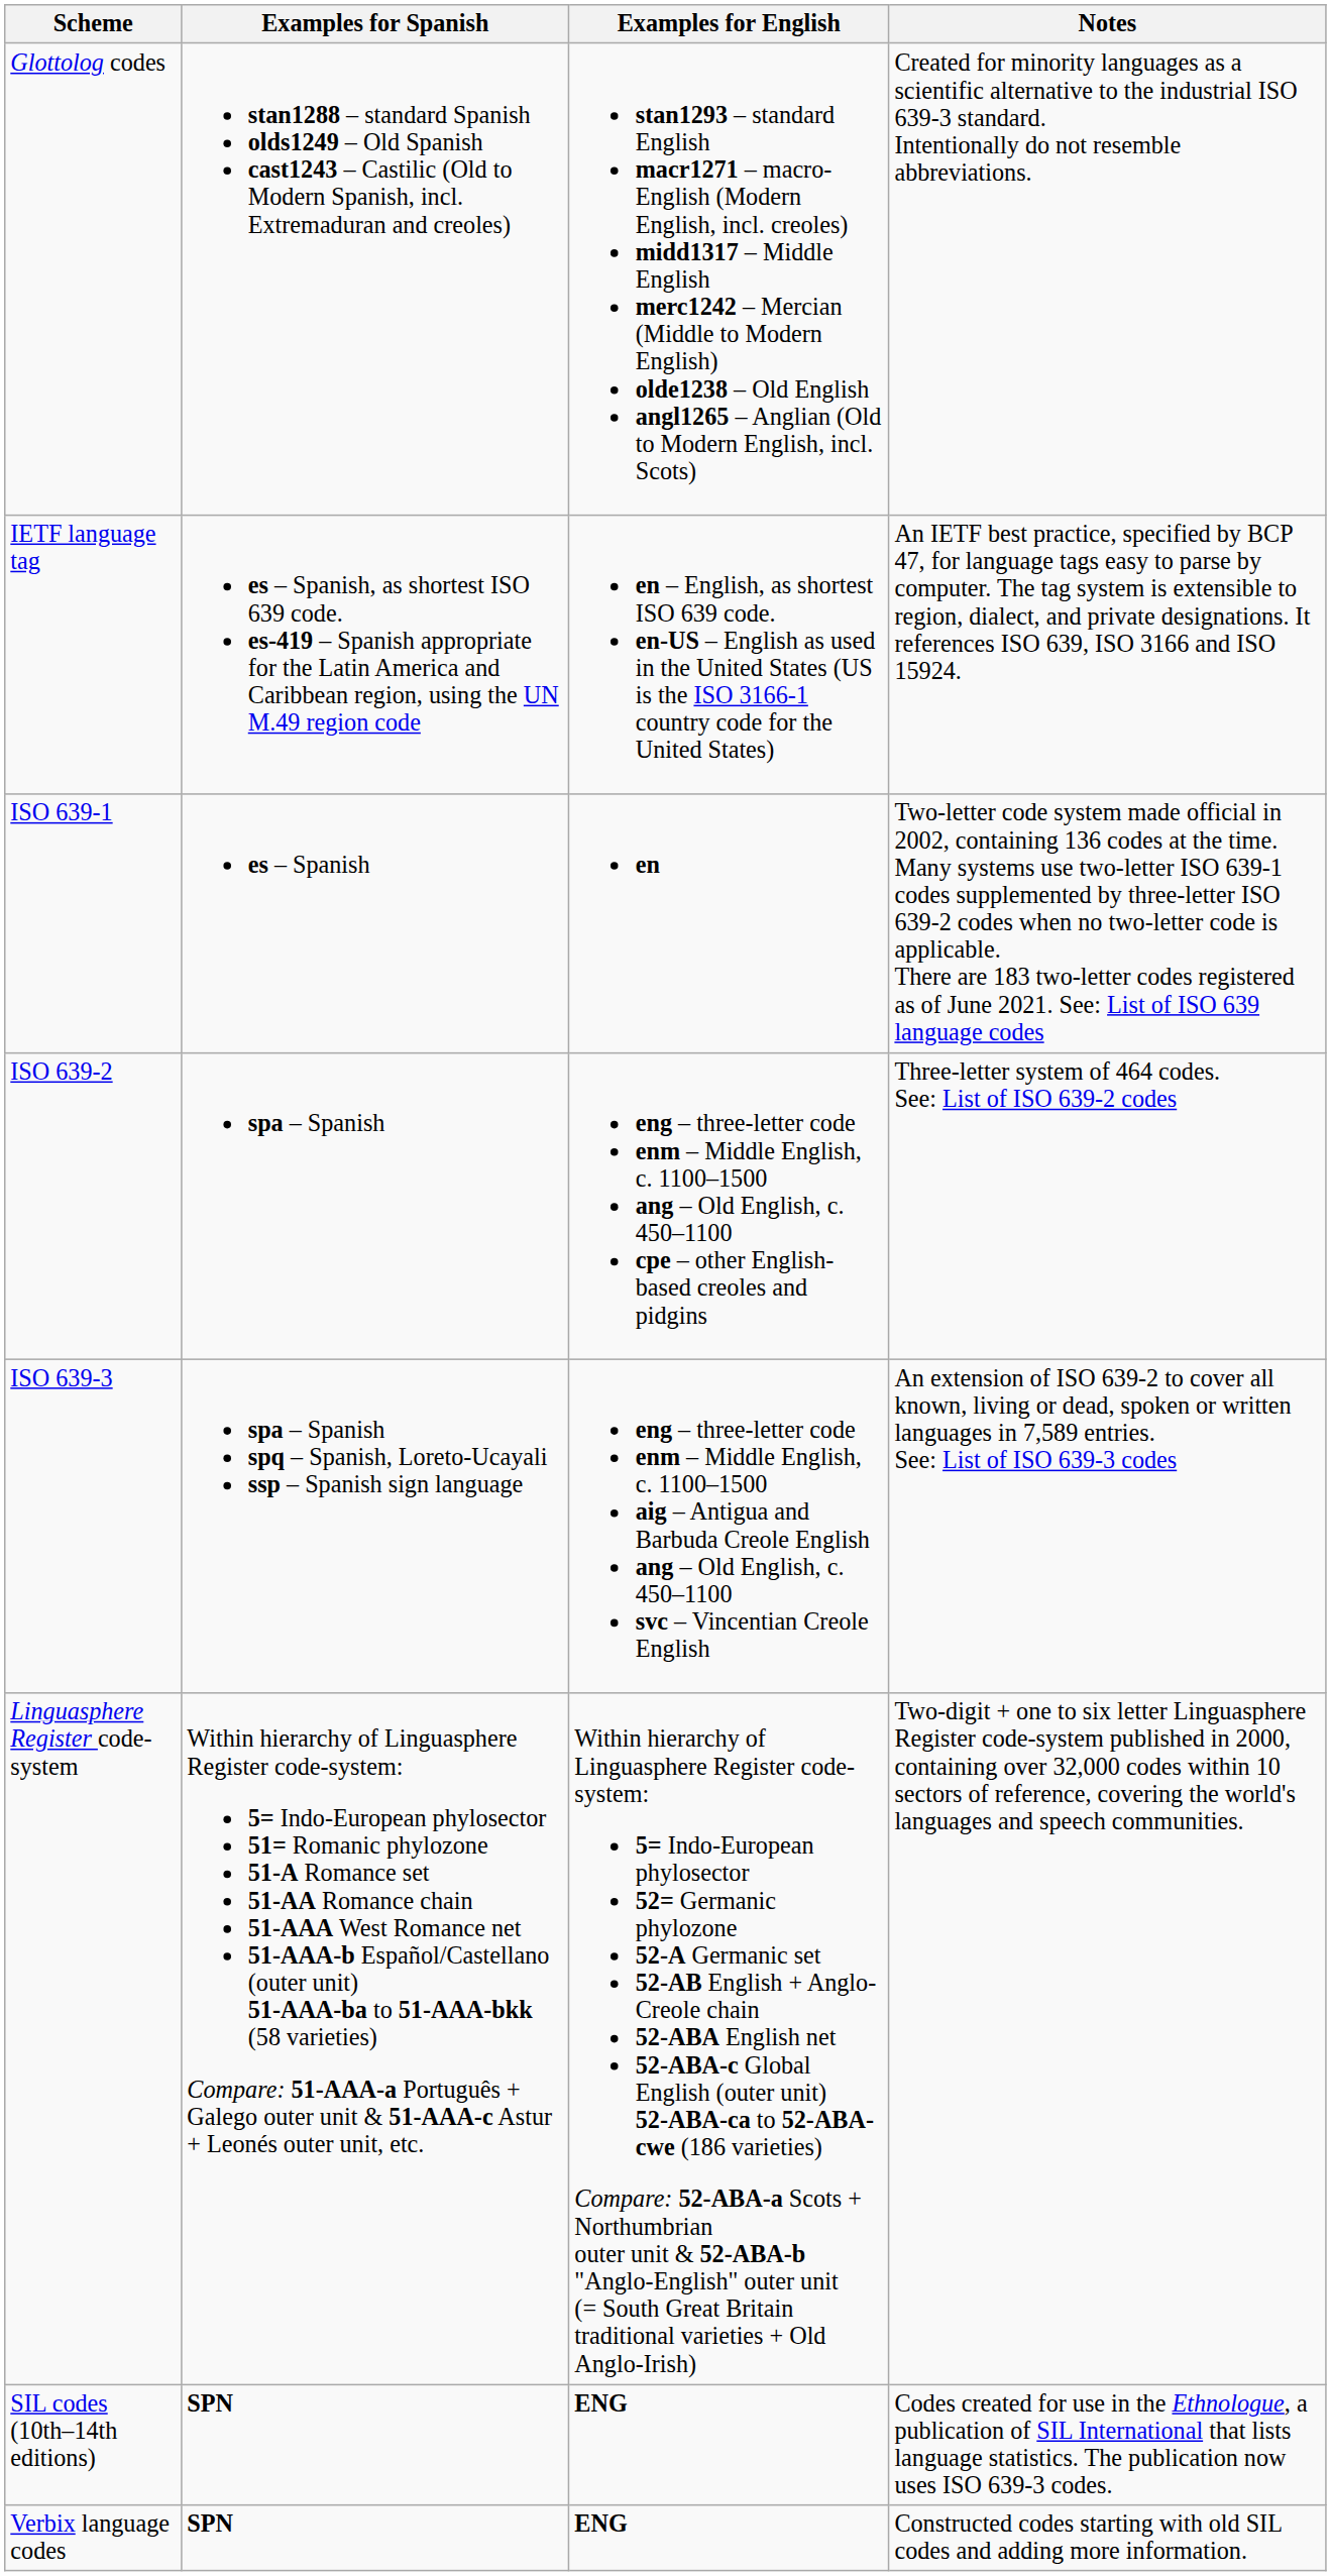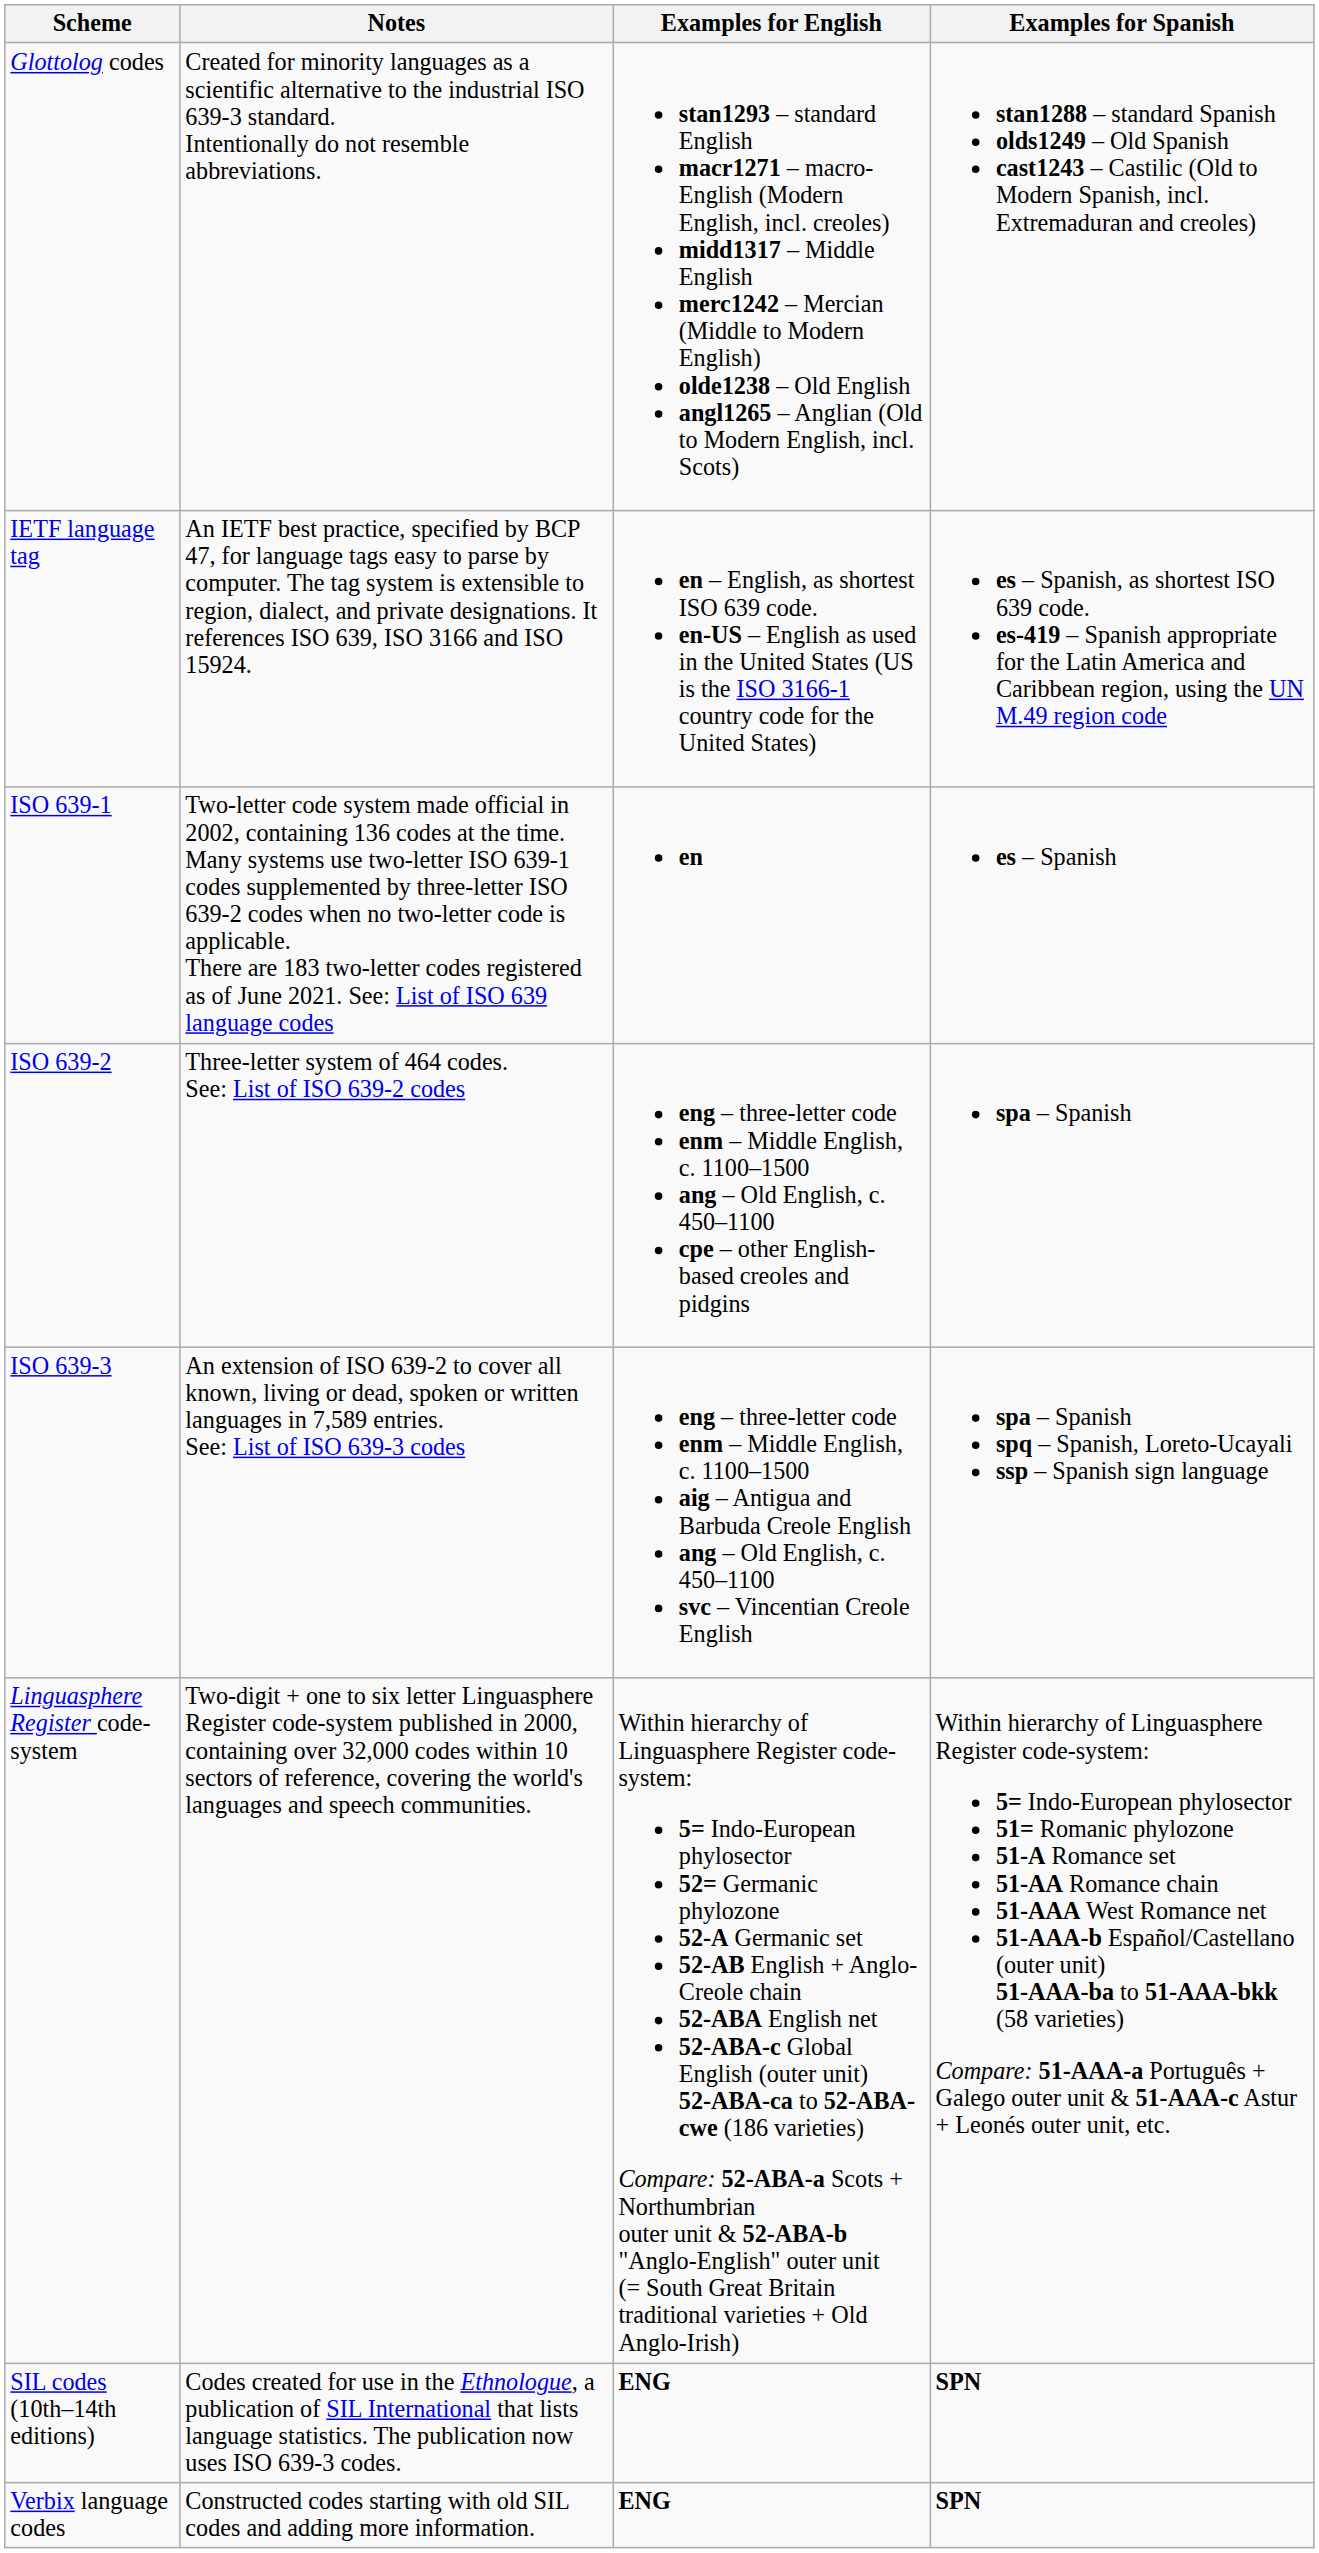 <table class="wikitable">
 <tr style="vertical-align:top">
 <th>Scheme</th>
+<th>Notes</th>
+<th>Examples for English</th>
 <th>Examples for Spanish</th>
-<th>Examples for English</th>
-<th>Notes</th>
 </tr>
 <tr style="vertical-align:top">
 <td><em><a href='#'>Glottolog</a></em> codes</td>
+<td>Created for minority languages as a scientific alternative to the industrial ISO 639‑3 standard.<br>Intentionally do not resemble abbreviations.</td>
+<td><br><ul><li><strong>stan1293</strong> – standard English</li><li><strong>macr1271</strong> – macro-English (Modern English, incl. creoles)</li><li><strong>midd1317</strong> – Middle English</li><li><strong>merc1242</strong> – Mercian (Middle to Modern English)</li><li><strong>olde1238</strong> – Old English</li><li><strong>angl1265</strong> – Anglian (Old to Modern English, incl. Scots)</li></ul></td>
 <td><br><ul><li><strong>stan1288</strong> – standard Spanish</li><li><strong>olds1249</strong> – Old Spanish</li><li><strong>cast1243</strong> – Castilic (Old to Modern Spanish, incl. Extremaduran and creoles)</li></ul></td>
-<td><br><ul><li><strong>stan1293</strong> – standard English</li><li><strong>macr1271</strong> – macro-English (Modern English, incl. creoles)</li><li><strong>midd1317</strong> – Middle English</li><li><strong>merc1242</strong> – Mercian (Middle to Modern English)</li><li><strong>olde1238</strong> – Old English</li><li><strong>angl1265</strong> – Anglian (Old to Modern English, incl. Scots)</li></ul></td>
-<td>Created for minority languages as a scientific alternative to the industrial ISO 639‑3 standard.<br>Intentionally do not resemble abbreviations.</td>
 </tr>
 <tr style="vertical-align:top">
 <td><a href='#'>IETF language tag</a></td>
+<td>An IETF best practice, specified by BCP 47, for language tags easy to parse by computer. The tag system is extensible to region, dialect, and private designations. It references ISO 639, ISO 3166 and ISO 15924.</td>
+<td><br><ul><li><strong>en</strong> – English, as shortest ISO 639 code.</li><li><strong>en-US</strong> – English as used in the United States (US is the <a href='#'>ISO 3166‑1</a> country code for the United States)</li></ul></td>
 <td><br><ul><li><strong>es</strong> – Spanish, as shortest ISO 639 code.</li><li><strong>es-419</strong> – Spanish appropriate for the Latin America and Caribbean region, using the <a href='#'>UN M.49 region code</a></li></ul></td>
-<td><br><ul><li><strong>en</strong> – English, as shortest ISO 639 code.</li><li><strong>en-US</strong> – English as used in the United States (US is the <a href='#'>ISO 3166‑1</a> country code for the United States)</li></ul></td>
-<td>An IETF best practice, specified by BCP 47, for language tags easy to parse by computer. The tag system is extensible to region, dialect, and private designations. It references ISO 639, ISO 3166 and ISO 15924.</td>
 </tr>
 <tr style="vertical-align:top">
 <td><a href='#'>ISO 639‑1</a></td>
+<td>Two-letter code system made official in 2002, containing 136 codes at the time. Many systems use two-letter ISO 639‑1 codes supplemented by three-letter ISO 639‑2 codes when no two-letter code is applicable.<br>There are 183 two-letter codes registered as of June 2021. See: <a href='#'>List of ISO 639 language codes</a></td>
+<td><br><ul><li><strong>en</strong></li></ul></td>
 <td><br><ul><li><strong>es</strong> – Spanish</li></ul></td>
-<td><br><ul><li><strong>en</strong></li></ul></td>
-<td>Two-letter code system made official in 2002, containing 136 codes at the time. Many systems use two-letter ISO 639‑1 codes supplemented by three-letter ISO 639‑2 codes when no two-letter code is applicable.<br>There are 183 two-letter codes registered as of June 2021. See: <a href='#'>List of ISO 639 language codes</a></td>
 </tr>
 <tr style="vertical-align:top">
 <td><a href='#'>ISO 639‑2</a></td>
+<td>Three-letter system of 464 codes.<br>See: <a href='#'>List of ISO 639-2 codes</a></td>
+<td><br><ul><li><strong>eng</strong> – three-letter code</li><li><strong>enm</strong> – Middle English, c. 1100–1500</li><li><strong>ang</strong> – Old English, c. 450–1100</li><li><strong>cpe</strong> – other English-based creoles and pidgins</li></ul></td>
 <td><br><ul><li><strong>spa</strong> – Spanish</li></ul></td>
-<td><br><ul><li><strong>eng</strong> – three-letter code</li><li><strong>enm</strong> – Middle English, c. 1100–1500</li><li><strong>ang</strong> – Old English, c. 450–1100</li><li><strong>cpe</strong> – other English-based creoles and pidgins</li></ul></td>
-<td>Three-letter system of 464 codes.<br>See: <a href='#'>List of ISO 639-2 codes</a></td>
 </tr>
 <tr style="vertical-align:top">
 <td><a href='#'>ISO 639‑3</a></td>
+<td>An extension of ISO 639‑2 to cover all known, living or dead, spoken or written languages in 7,589 entries.<br>See: <a href='#'>List of ISO 639-3 codes</a></td>
+<td><br><ul><li><strong>eng</strong> – three-letter code</li><li><strong>enm</strong> – Middle English, c. 1100–1500</li><li><strong>aig</strong> – Antigua and Barbuda Creole English</li><li><strong>ang</strong> – Old English, c. 450–1100</li><li><strong>svc</strong> – Vincentian Creole English</li></ul></td>
 <td><br><ul><li><strong>spa</strong> – Spanish</li><li><strong>spq</strong> – Spanish, Loreto-Ucayali</li><li><strong>ssp</strong> – Spanish sign language</li></ul></td>
-<td><br><ul><li><strong>eng</strong> – three-letter code</li><li><strong>enm</strong> – Middle English, c. 1100–1500</li><li><strong>aig</strong> – Antigua and Barbuda Creole English</li><li><strong>ang</strong> – Old English, c. 450–1100</li><li><strong>svc</strong> – Vincentian Creole English</li></ul></td>
-<td>An extension of ISO 639‑2 to cover all known, living or dead, spoken or written languages in 7,589 entries.<br>See: <a href='#'>List of ISO 639-3 codes</a></td>
 </tr>
 <tr style="vertical-align:top">
 <td><em><a href='#'>Linguasphere Register </a></em> code-system</td>
+<td>Two-digit + one to six letter Linguasphere Register code-system published in 2000, containing over 32,000 codes within 10 sectors of reference, covering the world's languages and speech communities.</td>
+<td><br>Within hierarchy of Linguasphere Register code-system:<ul><li><strong>5=</strong> Indo-European phylosector</li><li><strong>52=</strong> Germanic phylozone</li><li><strong>52-A</strong> Germanic set</li><li><strong>52-AB</strong> English + Anglo-Creole chain</li><li><strong>52-ABA</strong> English net</li><li><strong>52-ABA-c</strong> Global English (outer unit)<br> <strong>52-ABA-ca</strong> to <strong>52-ABA-cwe</strong> (186 varieties)</li></ul><em>Compare:</em> <strong>52-ABA-a</strong> Scots + Northumbrian <br>outer unit &  <strong>52-ABA-b</strong> "Anglo-English" outer unit <br>(= South Great Britain traditional varieties + Old Anglo-Irish)</td>
 <td><br>Within hierarchy of Linguasphere Register code-system:<ul><li><strong>5=</strong> Indo-European phylosector</li><li><strong>51=</strong> Romanic phylozone</li><li><strong>51-A</strong> Romance set</li><li><strong>51-AA</strong> Romance chain</li><li><strong>51-AAA</strong> West Romance net</li><li><strong>51-AAA-b</strong> Español/Castellano (outer unit) <br> <strong>51-AAA-ba</strong> to <strong>51-AAA-bkk</strong> (58 varieties)</li></ul><em>Compare:</em> <strong>51-AAA-a</strong> Português + Galego outer unit & <strong>51-AAA-c</strong> Astur + Leonés outer unit, etc.</td>
-<td><br>Within hierarchy of Linguasphere Register code-system:<ul><li><strong>5=</strong> Indo-European phylosector</li><li><strong>52=</strong> Germanic phylozone</li><li><strong>52-A</strong> Germanic set</li><li><strong>52-AB</strong> English + Anglo-Creole chain</li><li><strong>52-ABA</strong> English net</li><li><strong>52-ABA-c</strong> Global English (outer unit)<br> <strong>52-ABA-ca</strong> to <strong>52-ABA-cwe</strong> (186 varieties)</li></ul><em>Compare:</em> <strong>52-ABA-a</strong> Scots + Northumbrian <br>outer unit &  <strong>52-ABA-b</strong> "Anglo-English" outer unit <br>(= South Great Britain traditional varieties + Old Anglo-Irish)</td>
-<td>Two-digit + one to six letter Linguasphere Register code-system published in 2000, containing over 32,000 codes within 10 sectors of reference, covering the world's languages and speech communities.</td>
 </tr>
 <tr style="vertical-align:top">
 <td><a href='#'>SIL codes</a> (10th–14th editions)</td>
+<td>Codes created for use in the <em><a href='#'>Ethnologue</a></em>, a publication of <a href='#'>SIL International</a> that lists language statistics. The publication now uses ISO 639‑3 codes.</td>
+<td><strong>ENG</strong></td>
 <td><strong>SPN</strong></td>
-<td><strong>ENG</strong></td>
-<td>Codes created for use in the <em><a href='#'>Ethnologue</a></em>, a publication of <a href='#'>SIL International</a> that lists language statistics. The publication now uses ISO 639‑3 codes.</td>
 </tr>
 <tr style="vertical-align:top">
 <td><a href='#'>Verbix</a> language codes</td>
+<td>Constructed codes starting with old SIL codes and adding more information.</td>
+<td><strong>ENG</strong></td>
 <td><strong>SPN</strong></td>
-<td><strong>ENG</strong></td>
-<td>Constructed codes starting with old SIL codes and adding more information.</td>
 </tr>
 </table>
